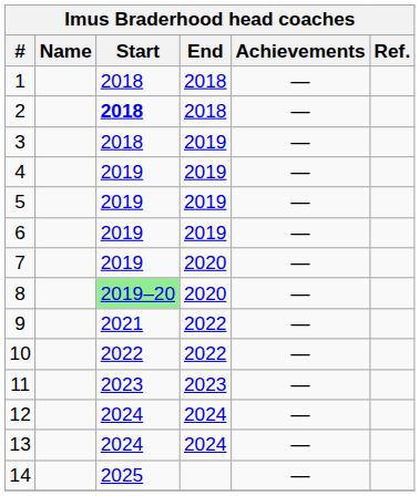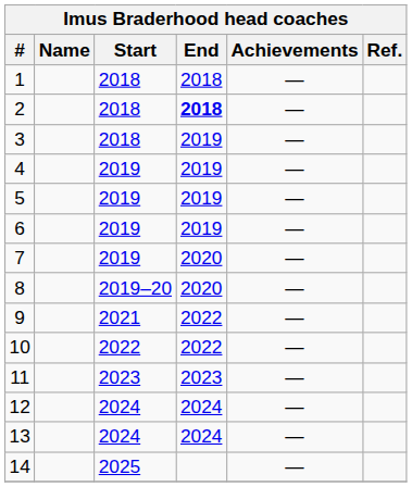 <table class="wikitable sortable">
 <tr>
 <th colspan="6">Imus Braderhood head coaches</th>
 </tr>
 <tr>
 <th>#</th>
 <th>Name</th>
 <th>Start</th>
 <th>End</th>
 <th>Achievements</th>
 <th>Ref.</th>
 </tr>
 <tr>
 <td align=center>1</td>
 <td></td>
 <td><a href='#'>2018</a></td>
 <td><a href='#'>2018</a></td>
 <td align=center>—</td>
 <td></td>
 </tr>
 <tr>
 <td align=center>2</td>
 <td></td>
+<td><a href='#'>2018</a></td>
 <td><strong><a href='#'>2018</a></strong></td>
-<td><a href='#'>2018</a></td>
 <td align=center>—</td>
 <td></td>
 </tr>
 <tr>
 <td align=center>3</td>
 <td></td>
 <td><a href='#'>2018</a></td>
 <td><a href='#'>2019</a></td>
 <td align=center>—</td>
 <td></td>
 </tr>
 <tr>
 <td align=center>4</td>
 <td></td>
 <td><a href='#'>2019</a></td>
 <td><a href='#'>2019</a></td>
 <td align=center>—</td>
 <td></td>
 </tr>
 <tr>
 <td align=center>5</td>
 <td></td>
 <td><a href='#'>2019</a></td>
 <td><a href='#'>2019</a></td>
 <td align=center>—</td>
 <td></td>
 </tr>
 <tr>
 <td align=center>6</td>
 <td></td>
 <td><a href='#'>2019</a></td>
 <td><a href='#'>2019</a></td>
 <td align=center>—</td>
 <td></td>
 </tr>
 <tr>
 <td align=center>7</td>
 <td></td>
 <td><a href='#'>2019</a></td>
 <td><a href='#'>2020</a></td>
 <td align=center>—</td>
 <td></td>
 </tr>
 <tr>
 <td align=center>8</td>
 <td></td>
-<td style="background: lightgreen;"><a href='#'>2019–20</a></td>
+<td><a href='#'>2019–20</a></td>
 <td><a href='#'>2020</a></td>
 <td align=center>—</td>
 <td></td>
 </tr>
 <tr>
 <td align=center>9</td>
 <td></td>
 <td><a href='#'>2021</a></td>
 <td><a href='#'>2022</a></td>
 <td align=center>—</td>
 <td></td>
 </tr>
 <tr>
 <td align=center>10</td>
 <td></td>
 <td><a href='#'>2022</a></td>
 <td><a href='#'>2022</a></td>
 <td align=center>—</td>
 <td></td>
 </tr>
 <tr>
 <td align=center>11</td>
 <td></td>
 <td><a href='#'>2023</a></td>
 <td><a href='#'>2023</a></td>
 <td align=center>—</td>
 <td></td>
 </tr>
 <tr>
 <td align=center>12</td>
 <td></td>
 <td><a href='#'>2024</a></td>
 <td><a href='#'>2024</a></td>
 <td align=center>—</td>
 <td></td>
 </tr>
 <tr>
 <td align=center>13</td>
 <td></td>
 <td><a href='#'>2024</a></td>
 <td><a href='#'>2024</a></td>
 <td align=center>—</td>
 <td></td>
 </tr>
 <tr>
 <td align=center>14</td>
 <td></td>
 <td><a href='#'>2025</a></td>
 <td></td>
 <td align=center>—</td>
 <td></td>
 </tr>
 <tr>
 </tr>
 </table>
